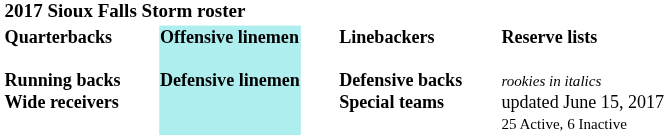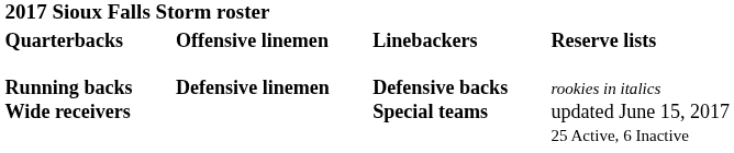 <table class="toccolours" style="text-align: left;">
 <tr>
 <th colspan="7"><strong>2017 Sioux Falls Storm roster</strong></th>
 </tr>
 <tr>
 <td style="font-size: 95%;vertical-align:top;"><strong>Quarterbacks</strong><br><br><strong>Running backs</strong>  <br><strong>Wide receivers</strong>     </td>
 <td style="width: 25px;"></td>
-<td style="background: paleturquoise; font-size: 95%;vertical-align:top;"><strong>Offensive linemen</strong><br>   <br><strong>Defensive linemen</strong>     </td>
+<td style="font-size: 95%;vertical-align:top;"><strong>Offensive linemen</strong><br>   <br><strong>Defensive linemen</strong>     </td>
 <td style="width: 25px;"></td>
 <td style="font-size: 95%;vertical-align:top;"><strong>Linebackers</strong><br><br><strong>Defensive backs</strong>      <br><strong>Special teams</strong> </td>
 <td style="width: 25px;"></td>
 <td style="font-size: 95%;vertical-align:top;"><strong>Reserve lists</strong><br>     <br><small><em>rookies in italics</em></small><br>  updated June 15, 2017<br> <small>25 Active, 6 Inactive</small></td>
 </tr>
 <tr>
 </tr>
 </table>
